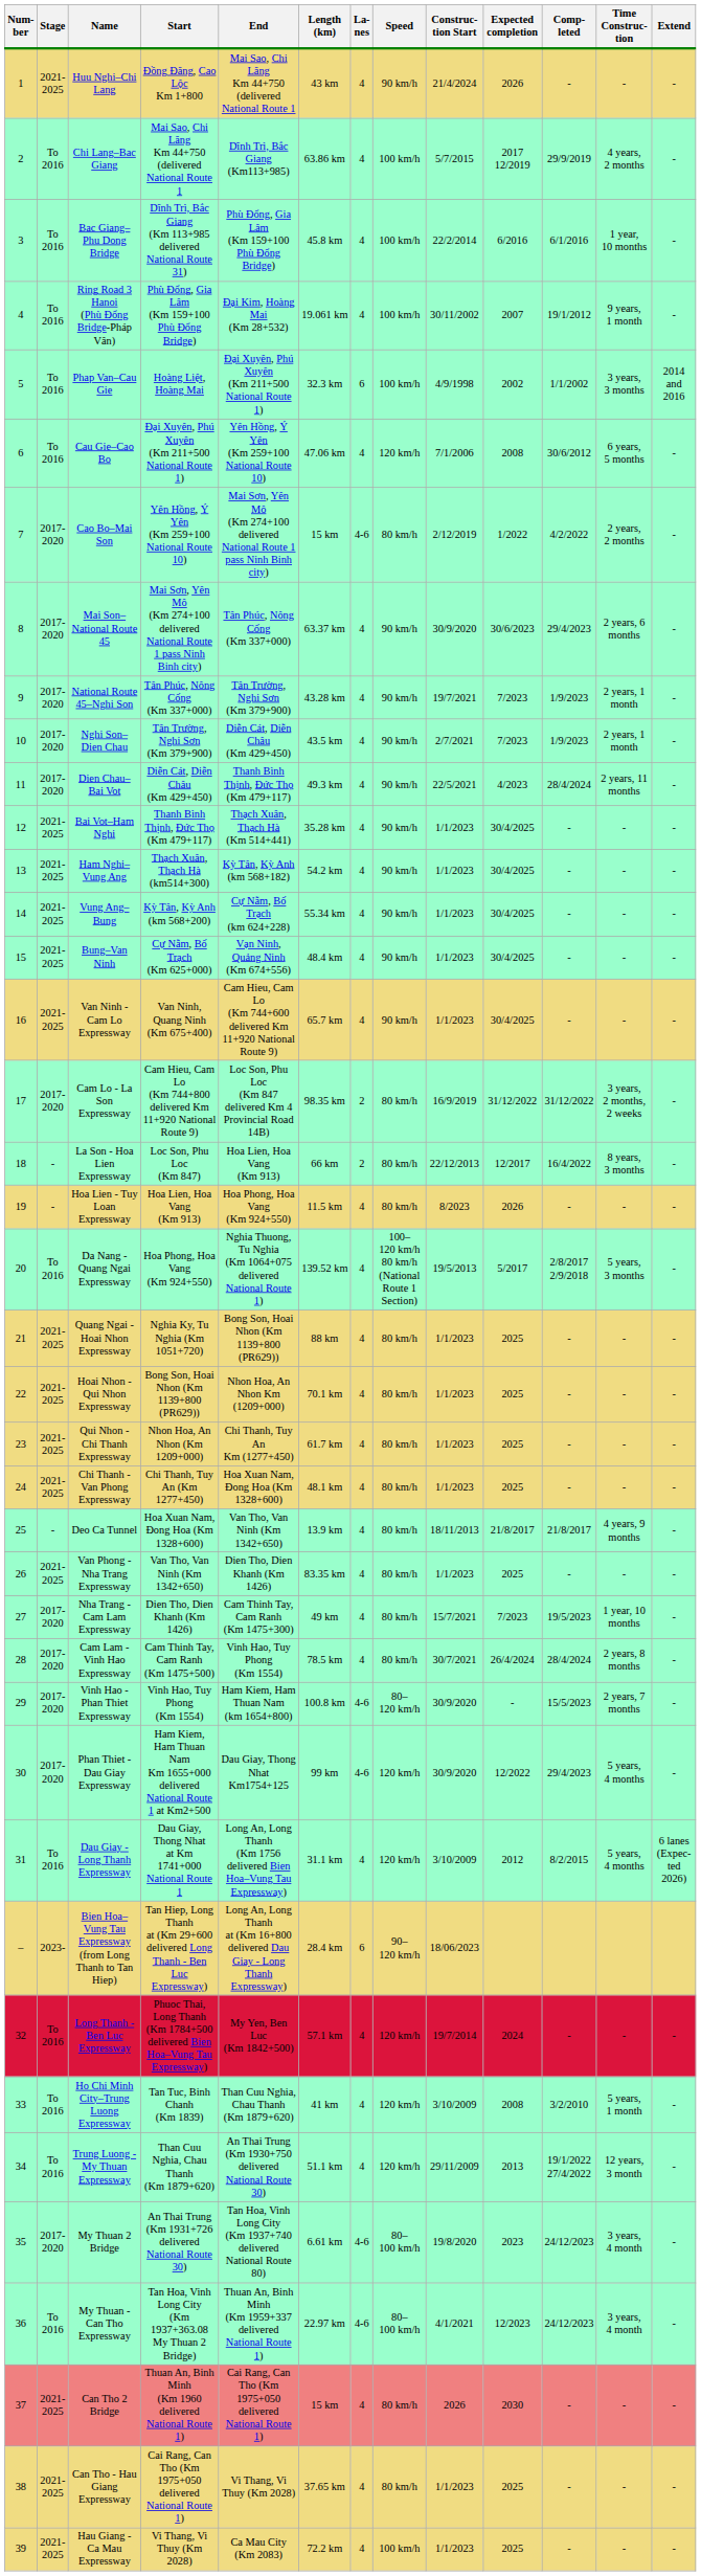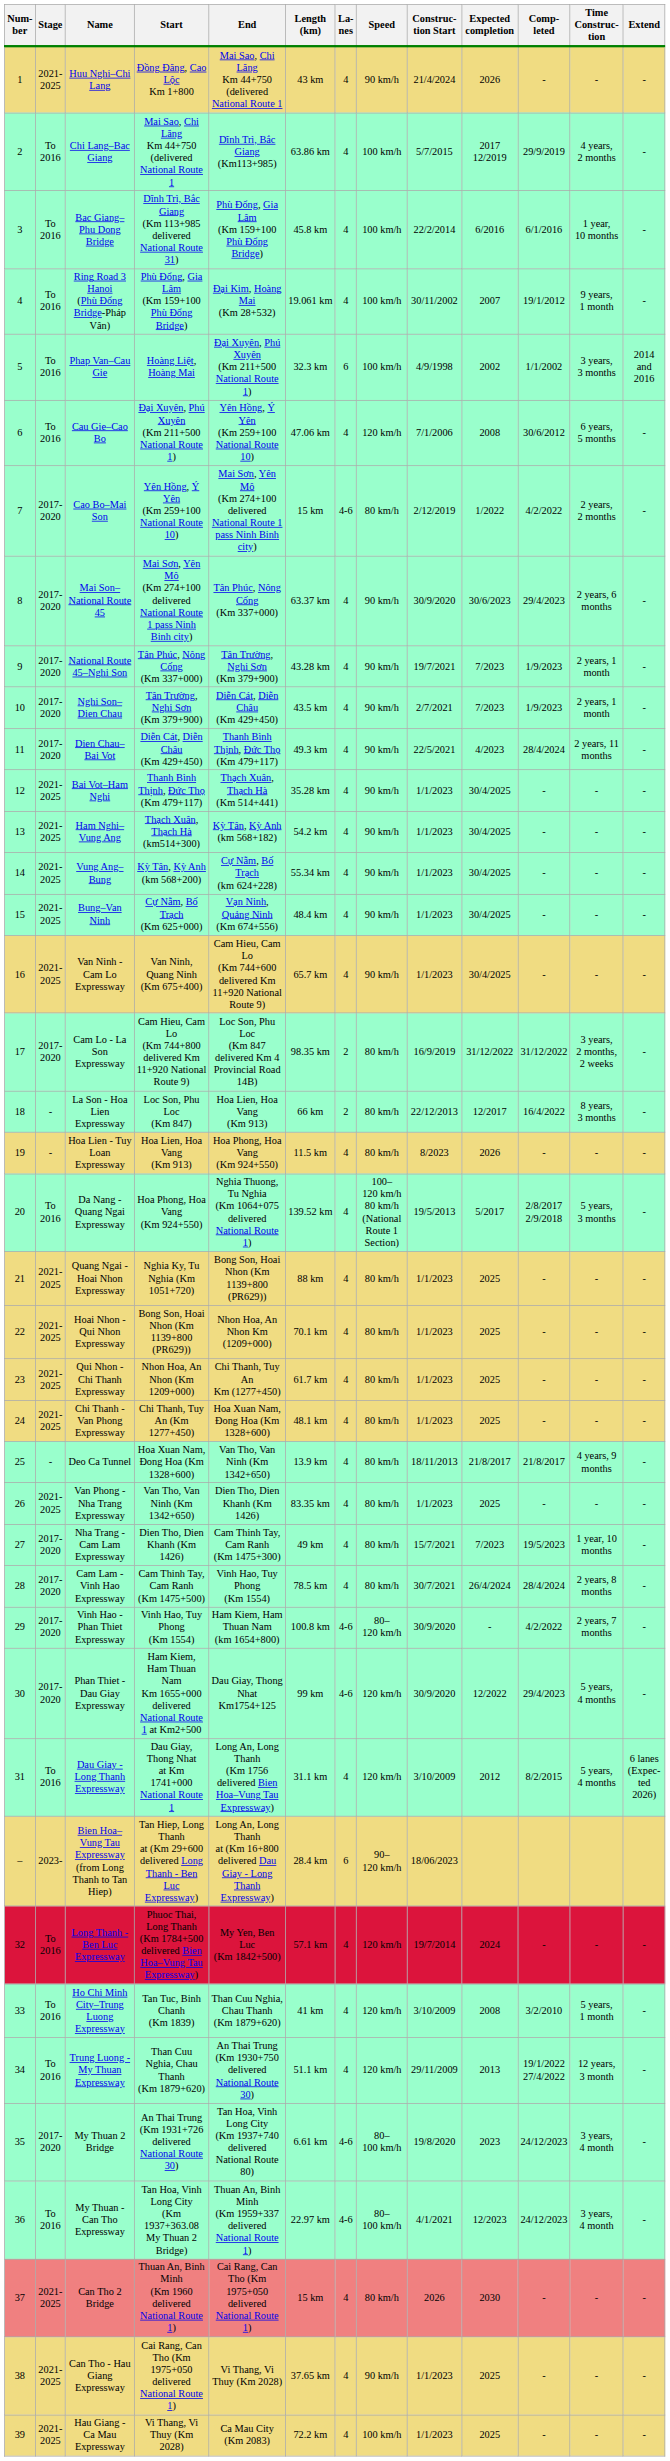 <table class="wikitable" style="font-size:85%; text-align:center">
 <tr style="border-bottom:solid 0.25em green">
 <th>Num­ber</th>
 <th>Stage</th>
 <th>Name</th>
 <th>Start</th>
 <th>End</th>
 <th data-sort-type="number">Length (km)</th>
 <th data-sort-type="number">La­nes</th>
 <th>Speed</th>
 <th>Construc­tion Start</th>
 <th>Expected completion</th>
 <th>Comp­leted</th>
 <th>Time Construc­tion</th>
 <th>Ex­tend</th>
 </tr>
 <tr style="background-color:#F0DC82">
 <td>1</td>
 <td>2021-2025</td>
 <td><a href='#'>Huu Nghi–Chi Lang</a></td>
 <td><a href='#'>Đồng Đăng</a>, <a href='#'>Cao Lộc</a><br>Km 1+800</td>
 <td><a href='#'>Mai Sao</a>, <a href='#'>Chi Lăng</a><br>Km 44+750 (delivered <a href='#'>National Route 1</a></td>
 <td>43 km</td>
 <td>4</td>
 <td>90 km/h</td>
 <td>21/4/2024</td>
 <td>2026</td>
 <td>-</td>
 <td>-</td>
 <td>-</td>
 </tr>
 <tr style="background-color:#9FC">
 <td>2</td>
 <td>To 2016</td>
 <td><a href='#'>Chi Lang–Bac Giang</a></td>
 <td><a href='#'>Mai Sao</a>, <a href='#'>Chi Lăng</a><br>Km 44+750 (delivered <a href='#'>National Route 1</a></td>
 <td><a href='#'>Dĩnh Trì, Bắc Giang</a><br>(Km113+985)</td>
 <td>63.86 km</td>
 <td>4</td>
 <td>100 km/h</td>
 <td>5/7/2015</td>
 <td>2017<br>12/2019</td>
 <td style="background-color:#9FC">29/9/2019</td>
 <td>4 years, 2 months</td>
 <td>-</td>
 </tr>
 <tr style="background-color:#9FC">
 <td>3</td>
 <td>To 2016</td>
 <td><a href='#'>Bac Giang–Phu Dong Bridge</a></td>
 <td><a href='#'>Dĩnh Trì, Bắc Giang</a><br>(Km 113+985 delivered <a href='#'>National Route 31</a>)</td>
 <td><a href='#'>Phù Đổng</a>, <a href='#'>Gia Lâm</a><br>(Km 159+100 <a href='#'>Phù Đổng Bridge</a>)</td>
 <td>45.8 km</td>
 <td>4</td>
 <td>100 km/h</td>
 <td>22/2/2014</td>
 <td>6/2016</td>
 <td>6/1/2016</td>
 <td>1 year, 10 months</td>
 <td>-</td>
 </tr>
 <tr style="background-color:#9FC">
 <td>4</td>
 <td>To 2016</td>
 <td><a href='#'>Ring Road 3 Hanoi</a> <br> (<a href='#'>Phù Đổng Bridge</a>-Pháp Vân)</td>
 <td><a href='#'>Phù Đổng</a>, <a href='#'>Gia Lâm</a><br>(Km 159+100 <a href='#'>Phù Đổng Bridge</a>)</td>
 <td><a href='#'>Đại Kim</a>, <a href='#'>Hoàng Mai</a><br>(Km 28+532)</td>
 <td>19.061 km</td>
 <td>4</td>
 <td>100 km/h</td>
 <td>30/11/2002</td>
 <td>2007</td>
 <td>19/1/2012</td>
 <td>9 years, 1 month</td>
 <td>-</td>
 </tr>
 <tr style="background-color:#9FC">
 <td>5</td>
 <td>To 2016</td>
 <td><a href='#'>Phap Van–Cau Gie</a></td>
 <td><a href='#'>Hoàng Liệt</a>, <a href='#'>Hoàng Mai</a></td>
 <td><a href='#'>Đại Xuyên</a>, <a href='#'>Phú Xuyên</a><br>(Km 211+500 <a href='#'>National Route 1</a>)</td>
 <td>32.3 km</td>
 <td>6</td>
 <td>100 km/h</td>
 <td>4/9/1998</td>
 <td>2002</td>
 <td>1/1/2002</td>
 <td>3 years, 3 months</td>
 <td>2014 and 2016</td>
 </tr>
 <tr style="background-color:#9FC">
 <td>6</td>
 <td>To 2016</td>
 <td><a href='#'>Cau Gie–Cao Bo</a></td>
 <td><a href='#'>Đại Xuyên</a>, <a href='#'>Phú Xuyên</a><br>(Km 211+500 <a href='#'>National Route 1</a>)</td>
 <td><a href='#'>Yên Hồng</a>, <a href='#'>Ý Yên</a><br>(Km 259+100 <a href='#'>National Route 10</a>)</td>
 <td>47.06 km</td>
 <td>4</td>
 <td>120 km/h</td>
 <td>7/1/2006</td>
 <td>2008</td>
 <td>30/6/2012</td>
 <td>6 years, 5 months</td>
 <td>-</td>
 </tr>
 <tr style="background-color:#9FC">
 <td>7</td>
 <td>2017-2020</td>
 <td><a href='#'>Cao Bo–Mai Son</a></td>
 <td><a href='#'>Yên Hồng</a>, <a href='#'>Ý Yên</a><br>(Km 259+100 <a href='#'>National Route 10</a>)</td>
 <td><a href='#'>Mai Sơn</a>, <a href='#'>Yên Mô</a><br>(Km 274+100 delivered <a href='#'>National Route 1 pass Ninh Binh city</a>)</td>
 <td>15 km</td>
 <td>4-6</td>
 <td>80 km/h</td>
 <td>2/12/2019</td>
 <td>1/2022</td>
 <td>4/2/2022</td>
 <td>2 years, 2 months</td>
 <td>-</td>
 </tr>
 <tr style="background-color:#9FC">
 <td>8</td>
 <td>2017-2020</td>
 <td><a href='#'>Mai Son–National Route 45</a></td>
 <td><a href='#'>Mai Sơn</a>, <a href='#'>Yên Mô</a><br>(Km 274+100 delivered <a href='#'>National Route 1 pass Ninh Binh city</a>)</td>
 <td><a href='#'>Tân Phúc</a>, <a href='#'>Nông Cống</a><br>(Km 337+000)</td>
 <td>63.37 km</td>
 <td>4</td>
 <td>90 km/h</td>
 <td>30/9/2020</td>
 <td>30/6/2023</td>
 <td>29/4/2023</td>
 <td>2 years, 6 months</td>
 <td>-</td>
 </tr>
 <tr style="background-color:#9FC">
 <td>9</td>
 <td>2017-2020</td>
 <td><a href='#'>National Route 45–Nghi Son</a></td>
 <td><a href='#'>Tân Phúc</a>, <a href='#'>Nông Cống</a><br>(Km 337+000)</td>
 <td><a href='#'>Tân Trường</a>, <a href='#'>Nghi Sơn</a><br>(Km 379+900)</td>
 <td>43.28 km</td>
 <td>4</td>
 <td>90 km/h</td>
 <td>19/7/2021</td>
 <td>7/2023</td>
 <td>1/9/2023</td>
 <td>2 years, 1 month</td>
 <td>-</td>
 </tr>
 <tr style="background-color:#9FC">
 <td>10</td>
 <td>2017-2020</td>
 <td><a href='#'>Nghi Son–Dien Chau</a></td>
 <td><a href='#'>Tân Trường</a>, <a href='#'>Nghi Sơn</a><br>(Km 379+900)</td>
 <td><a href='#'>Diễn Cát</a>, <a href='#'>Diễn Châu</a><br>(Km 429+450)</td>
 <td>43.5 km</td>
 <td>4</td>
 <td>90 km/h</td>
 <td>2/7/2021</td>
 <td>7/2023</td>
 <td>1/9/2023</td>
 <td>2 years, 1 month</td>
 <td>-</td>
 </tr>
 <tr style="background-color:#9FC">
 <td>11</td>
 <td>2017-2020</td>
 <td><a href='#'>Dien Chau–Bai Vot</a></td>
 <td><a href='#'>Diễn Cát</a>, <a href='#'>Diễn Châu</a><br>(Km 429+450)</td>
 <td><a href='#'>Thanh Bình Thịnh</a>, <a href='#'>Đức Thọ</a><br>(Km 479+117)</td>
 <td>49.3 km</td>
 <td>4</td>
 <td>90 km/h</td>
 <td>22/5/2021</td>
 <td>4/2023</td>
 <td>28/4/2024</td>
 <td>2 years, 11 months</td>
 <td>-</td>
 </tr>
 <tr style="background-color:#9FC">
 <td>12</td>
 <td>2021-2025</td>
 <td><a href='#'>Bai Vot–Ham Nghi</a></td>
 <td><a href='#'>Thanh Bình Thịnh</a>, <a href='#'>Đức Thọ</a><br>(Km 479+117)</td>
 <td><a href='#'>Thạch Xuân</a>, <a href='#'>Thạch Hà</a><br>(Km 514+441)</td>
 <td>35.28 km</td>
 <td>4</td>
 <td>90 km/h</td>
 <td>1/1/2023</td>
 <td>30/4/2025</td>
 <td>-</td>
 <td>-</td>
 <td>-</td>
 </tr>
 <tr style="background-color:#9FC">
 <td>13</td>
 <td>2021-2025</td>
 <td><a href='#'>Ham Nghi–Vung Ang</a></td>
 <td><a href='#'>Thạch Xuân</a>, <a href='#'>Thạch Hà</a><br>(km514+300)</td>
 <td><a href='#'>Kỳ Tân</a>, <a href='#'>Kỳ Anh</a><br>(km 568+182)</td>
 <td>54.2 km</td>
 <td>4</td>
 <td>90 km/h</td>
 <td>1/1/2023</td>
 <td>30/4/2025</td>
 <td>-</td>
 <td>-</td>
 <td>-</td>
 </tr>
 <tr style="background-color:#9FC">
 <td>14</td>
 <td>2021-2025</td>
 <td><a href='#'>Vung Ang–Bung</a></td>
 <td><a href='#'>Kỳ Tân</a>, <a href='#'>Kỳ Anh</a><br>(km 568+200)</td>
 <td><a href='#'>Cự Nẫm</a>, <a href='#'>Bố Trạch</a><br> (km 624+228)</td>
 <td>55.34 km</td>
 <td>4</td>
 <td>90 km/h</td>
 <td>1/1/2023</td>
 <td>30/4/2025</td>
 <td>-</td>
 <td>-</td>
 <td>-</td>
 </tr>
 <tr style="background-color:#9FC">
 <td>15</td>
 <td>2021-2025</td>
 <td><a href='#'>Bung–Van Ninh</a></td>
 <td><a href='#'>Cự Nẫm</a>, <a href='#'>Bố Trạch</a><br> (Km 625+000)</td>
 <td><a href='#'>Vạn Ninh</a>, <a href='#'>Quảng Ninh</a><br> (Km 674+556)</td>
 <td>48.4 km</td>
 <td>4</td>
 <td>90 km/h</td>
 <td>1/1/2023</td>
 <td>30/4/2025</td>
 <td>-</td>
 <td>-</td>
 <td>-</td>
 </tr>
 <tr style="background-color:#F0DC82">
 <td>16</td>
 <td>2021-2025</td>
 <td>Van Ninh - Cam Lo Expressway</td>
 <td>Van Ninh, Quang Ninh (Km 675+400)</td>
 <td>Cam Hieu, Cam Lo<br>(Km 744+600 delivered Km 11+920 National Route 9)</td>
 <td>65.7 km</td>
 <td>4</td>
 <td>90 km/h</td>
 <td>1/1/2023</td>
 <td>30/4/2025</td>
 <td>-</td>
 <td>-</td>
 <td>-</td>
 </tr>
 <tr style="background-color:#9FC">
 <td>17</td>
 <td>2017-2020</td>
 <td>Cam Lo - La Son Expressway</td>
 <td>Cam Hieu, Cam Lo<br>(Km 744+800 delivered Km 11+920 National Route 9)</td>
 <td>Loc Son, Phu Loc<br>(Km 847 delivered Km 4 Provincial Road 14B)</td>
 <td>98.35 km</td>
 <td>2</td>
 <td>80 km/h</td>
 <td>16/9/2019</td>
 <td>31/12/2022</td>
 <td>31/12/2022</td>
 <td>3 years, 2 months, 2 weeks</td>
 <td>-</td>
 </tr>
 <tr style="background-color:#9FC">
 <td>18</td>
 <td>-</td>
 <td>La Son - Hoa Lien Expressway</td>
 <td>Loc Son, Phu Loc<br>(Km 847)</td>
 <td>Hoa Lien, Hoa Vang<br>(Km 913)</td>
 <td>66 km</td>
 <td>2</td>
 <td>80 km/h</td>
 <td>22/12/2013</td>
 <td>12/2017</td>
 <td>16/4/2022</td>
 <td>8 years, 3 months</td>
 <td>-</td>
 </tr>
 <tr style="background:#F0DC82">
 <td>19</td>
 <td>-</td>
 <td>Hoa Lien - Tuy Loan Expressway</td>
 <td>Hoa Lien, Hoa Vang<br>(Km 913)</td>
 <td>Hoa Phong, Hoa Vang<br>(Km 924+550)</td>
 <td>11.5 km</td>
 <td>4</td>
 <td>80 km/h</td>
 <td>8/2023</td>
 <td>2026</td>
 <td>-</td>
 <td>-</td>
 <td>-</td>
 </tr>
 <tr style="background-color:#9FC">
 <td>20</td>
 <td>To 2016</td>
 <td>Da Nang - Quang Ngai Expressway</td>
 <td>Hoa Phong, Hoa Vang<br>(Km 924+550)</td>
 <td>Nghia Thuong, Tu Nghia<br>(Km 1064+075 delivered <a href='#'>National Route 1</a>)</td>
 <td>139.52 km</td>
 <td>4</td>
 <td>100–120 km/h<br>80 km/h (National Route 1 Section)</td>
 <td>19/5/2013</td>
 <td>5/2017</td>
 <td>2/8/2017<br>2/9/2018</td>
 <td>5 years, 3 months</td>
 <td>-</td>
 </tr>
 <tr style="background-color:#F0DC82">
 <td>21</td>
 <td>2021-2025</td>
 <td>Quang Ngai - Hoai Nhon Expressway</td>
 <td>Nghia Ky, Tu Nghia (Km 1051+720)</td>
 <td>Bong Son, Hoai Nhon (Km 1139+800 (PR629))</td>
 <td>88 km</td>
 <td>4</td>
 <td>80 km/h</td>
 <td>1/1/2023</td>
 <td>2025</td>
 <td>-</td>
 <td>-</td>
 <td>-</td>
 </tr>
 <tr style="background-color:#F0DC82">
 <td>22</td>
 <td>2021-2025</td>
 <td>Hoai Nhon - Qui Nhon Expressway</td>
 <td>Bong Son, Hoai Nhon (Km 1139+800 (PR629))</td>
 <td>Nhon Hoa, An Nhon Km (1209+000)</td>
 <td>70.1 km</td>
 <td>4</td>
 <td>80 km/h</td>
 <td>1/1/2023</td>
 <td>2025</td>
 <td>-</td>
 <td>-</td>
 <td>-</td>
 </tr>
 <tr style="background-color:#F0DC82">
 <td>23</td>
 <td>2021-2025</td>
 <td>Qui Nhon - Chi Thanh Expressway</td>
 <td>Nhon Hoa, An Nhon (Km 1209+000)</td>
 <td>Chi Thanh, Tuy An<br>Km (1277+450)</td>
 <td>61.7 km</td>
 <td>4</td>
 <td>80 km/h</td>
 <td>1/1/2023</td>
 <td>2025</td>
 <td>-</td>
 <td>-</td>
 <td>-</td>
 </tr>
 <tr style="background-color:#F0DC82">
 <td>24</td>
 <td>2021-2025</td>
 <td>Chi Thanh - Van Phong Expressway</td>
 <td>Chi Thanh, Tuy An (Km 1277+450)</td>
 <td>Hoa Xuan Nam, Đong Hoa (Km 1328+600)</td>
 <td>48.1 km</td>
 <td>4</td>
 <td>80 km/h</td>
 <td>1/1/2023</td>
 <td>2025</td>
 <td>-</td>
 <td>-</td>
 <td>-</td>
 </tr>
 <tr style="background-color:#9FC">
 <td>25</td>
 <td>-</td>
 <td>Deo Ca Tunnel</td>
 <td>Hoa Xuan Nam, Đong Hoa (Km 1328+600)</td>
 <td>Van Tho, Van Ninh (Km 1342+650)</td>
 <td>13.9 km</td>
 <td>4</td>
 <td>80 km/h</td>
 <td>18/11/2013</td>
 <td>21/8/2017</td>
 <td>21/8/2017</td>
 <td>4 years, 9 months</td>
 <td>-</td>
 </tr>
 <tr style="background-color:#9FC">
 <td>26</td>
 <td>2021-2025</td>
 <td>Van Phong - Nha Trang Expressway</td>
 <td>Van Tho, Van Ninh (Km 1342+650)</td>
 <td>Dien Tho, Dien Khanh (Km 1426)</td>
 <td>83.35 km</td>
 <td>4</td>
 <td>80 km/h</td>
 <td>1/1/2023</td>
 <td>2025</td>
 <td>-</td>
 <td>-</td>
 <td>-</td>
 </tr>
 <tr style="background-color:#9FC">
 <td>27</td>
 <td>2017-2020</td>
 <td>Nha Trang - Cam Lam Expressway</td>
 <td>Dien Tho, Dien Khanh (Km 1426)</td>
 <td>Cam Thinh Tay, Cam Ranh<br>(Km 1475+300)</td>
 <td>49 km</td>
 <td>4</td>
 <td>80 km/h</td>
 <td>15/7/2021</td>
 <td>7/2023</td>
 <td>19/5/2023</td>
 <td>1 year, 10 months</td>
 <td>-</td>
 </tr>
 <tr style="background-color:#9FC">
 <td>28</td>
 <td>2017-2020</td>
 <td>Cam Lam - Vinh Hao Expressway</td>
 <td>Cam Thinh Tay, Cam Ranh<br>(Km 1475+500)</td>
 <td>Vinh Hao, Tuy Phong<br>(Km 1554)</td>
 <td>78.5 km</td>
 <td>4</td>
 <td>80 km/h</td>
 <td>30/7/2021</td>
 <td>26/4/2024</td>
 <td>28/4/2024</td>
 <td>2 years, 8 months</td>
 <td>-</td>
 </tr>
 <tr style="background-color:#9FC">
 <td>29</td>
 <td>2017-2020</td>
 <td>Vinh Hao - Phan Thiet Expressway</td>
 <td>Vinh Hao, Tuy Phong<br>(Km 1554)</td>
 <td>Ham Kiem, Ham Thuan Nam<br>(km 1654+800)</td>
 <td>100.8 km</td>
 <td>4-6</td>
 <td>80–120 km/h</td>
 <td>30/9/2020</td>
 <td>-</td>
-<td>15/5/2023</td>
+<td>4/2/2022</td>
 <td>2 years, 7 months</td>
 <td>-</td>
 </tr>
 <tr style="background-color:#9FC">
 <td>30</td>
 <td>2017-2020</td>
 <td>Phan Thiet - Dau Giay Expressway </td>
 <td>Ham Kiem, Ham Thuan Nam<br>Km 1655+000 delivered <a href='#'>National Route 1</a> at Km2+500</td>
 <td>Dau Giay, Thong Nhat<br>Km1754+125</td>
 <td>99 km</td>
 <td>4-6</td>
 <td>120 km/h</td>
 <td>30/9/2020</td>
 <td>12/2022</td>
 <td>29/4/2023</td>
 <td>5 years, 4 months</td>
 <td>-</td>
 </tr>
 <tr style="background-color:#9FC">
 <td>31</td>
 <td>To 2016</td>
 <td><a href='#'>Dau Giay - Long Thanh Expressway</a> </td>
 <td>Dau Giay, Thong Nhat<br>at Km 1741+000 <a href='#'>National Route 1</a></td>
 <td>Long An, Long Thanh<br>(Km 1756 delivered <a href='#'>Bien Hoa–Vung Tau Expressway</a>)</td>
 <td>31.1 km</td>
 <td>4</td>
 <td>120 km/h</td>
 <td>3/10/2009</td>
 <td>2012</td>
 <td>8/2/2015</td>
 <td>5 years, 4 months</td>
 <td>6 lanes (Expec­ted 2026)</td>
 </tr>
 <tr style="background-color:#F0DC82">
 <td>–</td>
 <td>2023-</td>
 <td><a href='#'>Bien Hoa–Vung Tau Expressway</a> (from Long Thanh to Tan Hiep)</td>
 <td>Tan Hiep, Long Thanh<br> at (Km 29+600 delivered <a href='#'>Long Thanh - Ben Luc Expressway</a>)</td>
 <td>Long An, Long Thanh<br> at (Km 16+800 delivered <a href='#'>Dau Giay - Long Thanh Expressway</a>)</td>
 <td>28.4 km</td>
 <td>6</td>
 <td>90–120 km/h</td>
 <td>18/06/2023</td>
 <td></td>
 <td></td>
 <td></td>
 <td></td>
 </tr>
 <tr style="background-color:#DC143C">
 <td>32</td>
 <td>To 2016</td>
 <td><a href='#'>Long Thanh - Ben Luc Expressway</a></td>
 <td>Phuoc Thai, Long Thanh<br>(Km 1784+500 delivered <a href='#'>Bien Hoa–Vung Tau Expressway</a>)</td>
 <td>My Yen, Ben Luc<br>(Km 1842+500)</td>
 <td>57.1 km</td>
 <td>4</td>
 <td>120 km/h</td>
 <td>19/7/2014</td>
 <td>2024</td>
 <td>-</td>
 <td>-</td>
 <td>-</td>
 </tr>
 <tr style="background-color:#9FC">
 <td>33</td>
 <td>To 2016</td>
 <td><a href='#'>Ho Chi Minh City–Trung Luong Expressway</a></td>
 <td>Tan Tuc, Binh Chanh<br>(Km 1839)</td>
 <td>Than Cuu Nghia, Chau Thanh<br>(Km 1879+620)</td>
 <td>41 km</td>
 <td>4</td>
 <td>120 km/h</td>
 <td>3/10/2009</td>
 <td>2008</td>
 <td>3/2/2010</td>
 <td>5 years, 1 month</td>
 <td>-</td>
 </tr>
 <tr style="background-color:#9FC">
 <td>34</td>
 <td>To 2016</td>
 <td><a href='#'>Trung Luong - My Thuan Expressway</a></td>
 <td>Than Cuu Nghia, Chau Thanh<br>(Km 1879+620)</td>
 <td>An Thai Trung<br>(Km 1930+750 delivered <a href='#'>National Route 30</a>)</td>
 <td>51.1 km</td>
 <td>4</td>
 <td>120 km/h</td>
 <td>29/11/2009</td>
 <td>2013</td>
 <td>19/1/2022<br>27/4/2022</td>
 <td>12 years, 3 month</td>
 <td>-</td>
 </tr>
 <tr style="background-color:#9FC">
 <td>35</td>
 <td>2017-2020</td>
 <td>My Thuan 2 Bridge</td>
 <td>An Thai Trung<br>(Km 1931+726 delivered <a href='#'>National Route 30</a>) </td>
 <td>Tan Hoa, Vinh Long City<br> (Km 1937+740 delivered National Route 80)</td>
 <td>6.61 km</td>
 <td>4-6</td>
 <td>80–100 km/h</td>
 <td>19/8/2020</td>
 <td>2023</td>
 <td>24/12/2023</td>
 <td>3 years, 4 month</td>
 <td>-</td>
 </tr>
 <tr style="background-color:#9FC">
 <td>36</td>
 <td>To 2016</td>
 <td>My Thuan - Can Tho Expressway</td>
 <td>Tan Hoa, Vinh Long City<br>(Km 1937+363.08 My Thuan 2 Bridge)</td>
 <td>Thuan An, Binh Minh<br>(Km 1959+337 delivered <a href='#'>National Route 1</a>)</td>
 <td>22.97 km</td>
 <td>4-6</td>
 <td>80–100 km/h</td>
 <td>4/1/2021</td>
 <td>12/2023</td>
 <td>24/12/2023</td>
 <td>3 years, 4 month</td>
 <td>-</td>
 </tr>
 <tr style="background:LightCoral">
 <td>37</td>
 <td>2021-2025</td>
 <td>Can Tho 2 Bridge</td>
 <td>Thuan An, Binh Minh<br>(Km 1960 delivered <a href='#'>National Route 1</a>)</td>
 <td>Cai Rang, Can Tho (Km 1975+050  delivered <a href='#'>National Route 1</a>)</td>
 <td>15 km</td>
 <td>4</td>
 <td>80 km/h</td>
 <td>2026</td>
 <td>2030</td>
 <td>-</td>
 <td>-</td>
 <td>-</td>
 </tr>
 <tr style="background-color:#F0DC82">
 <td>38</td>
 <td>2021-2025</td>
 <td>Can Tho - Hau Giang Expressway</td>
 <td>Cai Rang, Can Tho (Km 1975+050  delivered <a href='#'>National Route 1</a>)</td>
 <td>Vi Thang, Vi Thuy (Km 2028)</td>
 <td>37.65 km</td>
 <td>4</td>
-<td>80 km/h</td>
+<td>90 km/h</td>
 <td>1/1/2023</td>
 <td>2025</td>
 <td>-</td>
 <td>-</td>
 <td>-</td>
 </tr>
 <tr style="background-color:#F0DC82">
 <td>39</td>
 <td>2021-2025</td>
 <td>Hau Giang - Ca Mau Expressway</td>
 <td>Vi Thang, Vi Thuy (Km 2028)</td>
 <td>Ca Mau City (Km 2083)</td>
 <td>72.2 km</td>
 <td>4</td>
 <td>100 km/h</td>
 <td>1/1/2023</td>
 <td>2025</td>
 <td>-</td>
 <td>-</td>
 <td>-</td>
 </tr>
 </table>
